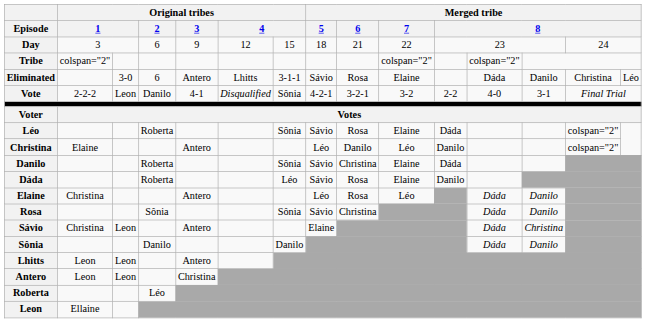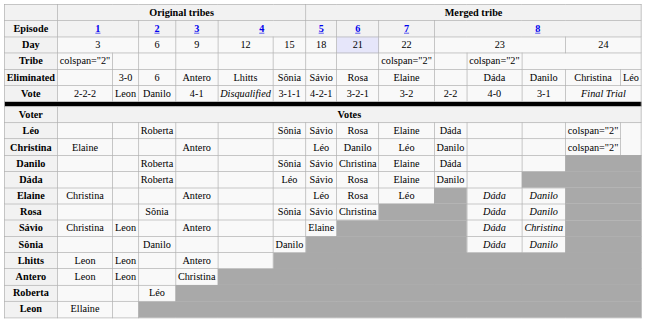 <table class="wikitable" style="text-align:center">
 <tr>
 <th></th>
 <th colspan="6">Original tribes</th>
 <th colspan="8">Merged tribe</th>
 </tr>
 <tr>
 <th>Episode</th>
 <th colspan="2"><a href='#'>1</a></th>
 <th><a href='#'>2</a></th>
 <th><a href='#'>3</a></th>
 <th colspan="2"><a href='#'>4</a></th>
 <th><a href='#'>5</a></th>
 <th><a href='#'>6</a></th>
 <th><a href='#'>7</a></th>
 <th colspan="5"><a href='#'>8</a></th>
 </tr>
 <tr>
 <th>Day</th>
 <td colspan="2">3</td>
 <td>6</td>
 <td>9</td>
 <td>12</td>
 <td>15</td>
 <td>18</td>
-<td>21</td>
+<td style="background: lavender;">21</td>
 <td>22</td>
 <td colspan="3">23</td>
 <td colspan="2">24</td>
 </tr>
 <tr>
 <th>Tribe</th>
 <td>colspan="2" </td>
 <td></td>
 <td></td>
 <td></td>
 <td></td>
 <td></td>
 <td></td>
 <td></td>
 <td>colspan="2" </td>
 <td></td>
 <td>colspan="2" </td>
 </tr>
 <tr>
 <th>Eliminated</th>
 <td></td>
 <td>3-0</td>
 <td>6</td>
 <td>Antero</td>
 <td>Lhitts</td>
-<td>3-1-1</td>
+<td>Sônia</td>
 <td>Sávio</td>
 <td>Rosa</td>
 <td>Elaine</td>
 <td></td>
 <td>Dáda</td>
 <td>Danilo</td>
 <td>Christina</td>
 <td>Léo</td>
 </tr>
 <tr>
 <th>Vote</th>
 <td>2-2-2</td>
 <td>Leon</td>
 <td>Danilo</td>
 <td>4-1</td>
 <td><em>Disqualified</em></td>
-<td>Sônia</td>
+<td>3-1-1</td>
 <td>4-2-1</td>
 <td>3-2-1</td>
 <td>3-2</td>
 <td>2-2</td>
 <td>4-0</td>
 <td>3-1</td>
 <td colspan="2"><em>Final Trial</em></td>
 </tr>
 <tr>
 <td bgcolor="black" colspan="15"></td>
 </tr>
 <tr>
 <th>Voter</th>
 <th colspan="14">Votes</th>
 </tr>
 <tr>
 <th>Léo</th>
 <td></td>
 <td></td>
 <td>Roberta</td>
 <td></td>
 <td></td>
 <td>Sônia</td>
 <td>Sávio</td>
 <td>Rosa</td>
 <td>Elaine</td>
 <td>Dáda</td>
 <td></td>
 <td></td>
 <td>colspan="2" </td>
 </tr>
 <tr>
 <th>Christina</th>
 <td>Elaine</td>
 <td></td>
 <td></td>
 <td>Antero</td>
 <td></td>
 <td></td>
 <td>Léo</td>
 <td>Danilo</td>
 <td>Léo</td>
 <td>Danilo</td>
 <td></td>
 <td></td>
 <td>colspan="2" </td>
 </tr>
 <tr>
 <th>Danilo</th>
 <td></td>
 <td></td>
 <td>Roberta</td>
 <td></td>
 <td></td>
 <td>Sônia</td>
 <td>Sávio</td>
 <td>Christina</td>
 <td>Elaine</td>
 <td>Dáda</td>
 <td></td>
 <td></td>
 <td colspan="2" bgcolor="darkgrey"></td>
 </tr>
 <tr>
 <th>Dáda</th>
 <td></td>
 <td></td>
 <td>Roberta</td>
 <td></td>
 <td></td>
 <td>Léo</td>
 <td>Sávio</td>
 <td>Rosa</td>
 <td>Elaine</td>
 <td>Danilo</td>
 <td></td>
 <td colspan="3" bgcolor="darkgrey"></td>
 </tr>
 <tr>
 <th>Elaine</th>
 <td>Christina</td>
 <td></td>
 <td></td>
 <td>Antero</td>
 <td></td>
 <td></td>
 <td>Léo</td>
 <td>Rosa</td>
 <td>Léo</td>
 <td bgcolor="darkgrey"></td>
 <td><em>Dáda</em></td>
 <td><em>Danilo</em></td>
 <td bgcolor="darkgrey" colspan="2"></td>
 </tr>
 <tr>
 <th>Rosa</th>
 <td></td>
 <td></td>
 <td>Sônia</td>
 <td></td>
 <td></td>
 <td>Sônia</td>
 <td>Sávio</td>
 <td>Christina</td>
 <td bgcolor="darkgrey" colspan="2"></td>
 <td><em>Dáda</em></td>
 <td><em>Danilo</em></td>
 <td colspan="2" bgcolor="darkgrey"></td>
 </tr>
 <tr>
 <th>Sávio</th>
 <td>Christina</td>
 <td>Leon</td>
 <td></td>
 <td>Antero</td>
 <td></td>
 <td></td>
 <td>Elaine</td>
 <td colspan="3" bgcolor="darkgrey"></td>
 <td><em>Dáda</em></td>
 <td><em>Christina</em></td>
 <td bgcolor="darkgrey" colspan="2"></td>
 </tr>
 <tr>
 <th>Sônia</th>
 <td></td>
 <td></td>
 <td>Danilo</td>
 <td></td>
 <td></td>
 <td>Danilo</td>
 <td bgcolor="darkgrey" colspan="4"></td>
 <td><em>Dáda</em></td>
 <td><em>Danilo</em></td>
 <td colspan="2" bgcolor="darkgrey"></td>
 </tr>
 <tr>
 <th>Lhitts</th>
 <td>Leon</td>
 <td>Leon</td>
 <td></td>
 <td>Antero</td>
 <td></td>
 <td bgcolor="darkgrey" colspan="9"></td>
 </tr>
 <tr>
 <th>Antero</th>
 <td>Leon</td>
 <td>Leon</td>
 <td></td>
 <td>Christina</td>
 <td bgcolor="darkgrey" colspan="10"></td>
 </tr>
 <tr>
 <th>Roberta</th>
 <td></td>
 <td></td>
 <td>Léo</td>
 <td bgcolor="darkgrey" colspan="11"></td>
 </tr>
 <tr>
 <th>Leon</th>
 <td>Ellaine</td>
 <td></td>
 <td bgcolor="darkgrey" colspan="12"></td>
 </tr>
 </table>
